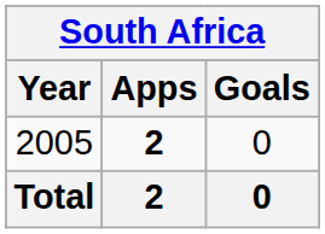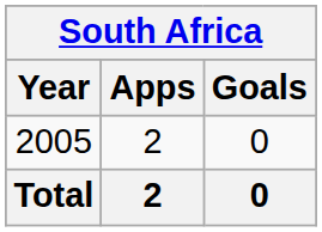 <table class="wikitable" style="text-align:center">
 <tr>
 <th colspan="3"><a href='#'>South Africa</a></th>
 </tr>
 <tr>
 <th>Year</th>
 <th>Apps</th>
 <th>Goals</th>
 </tr>
 <tr>
 <td>2005</td>
-<td><strong>2</strong></td>
+<td>2</td>
 <td>0</td>
 </tr>
 <tr>
 <th>Total</th>
 <th>2</th>
 <th>0</th>
 </tr>
 </table>
